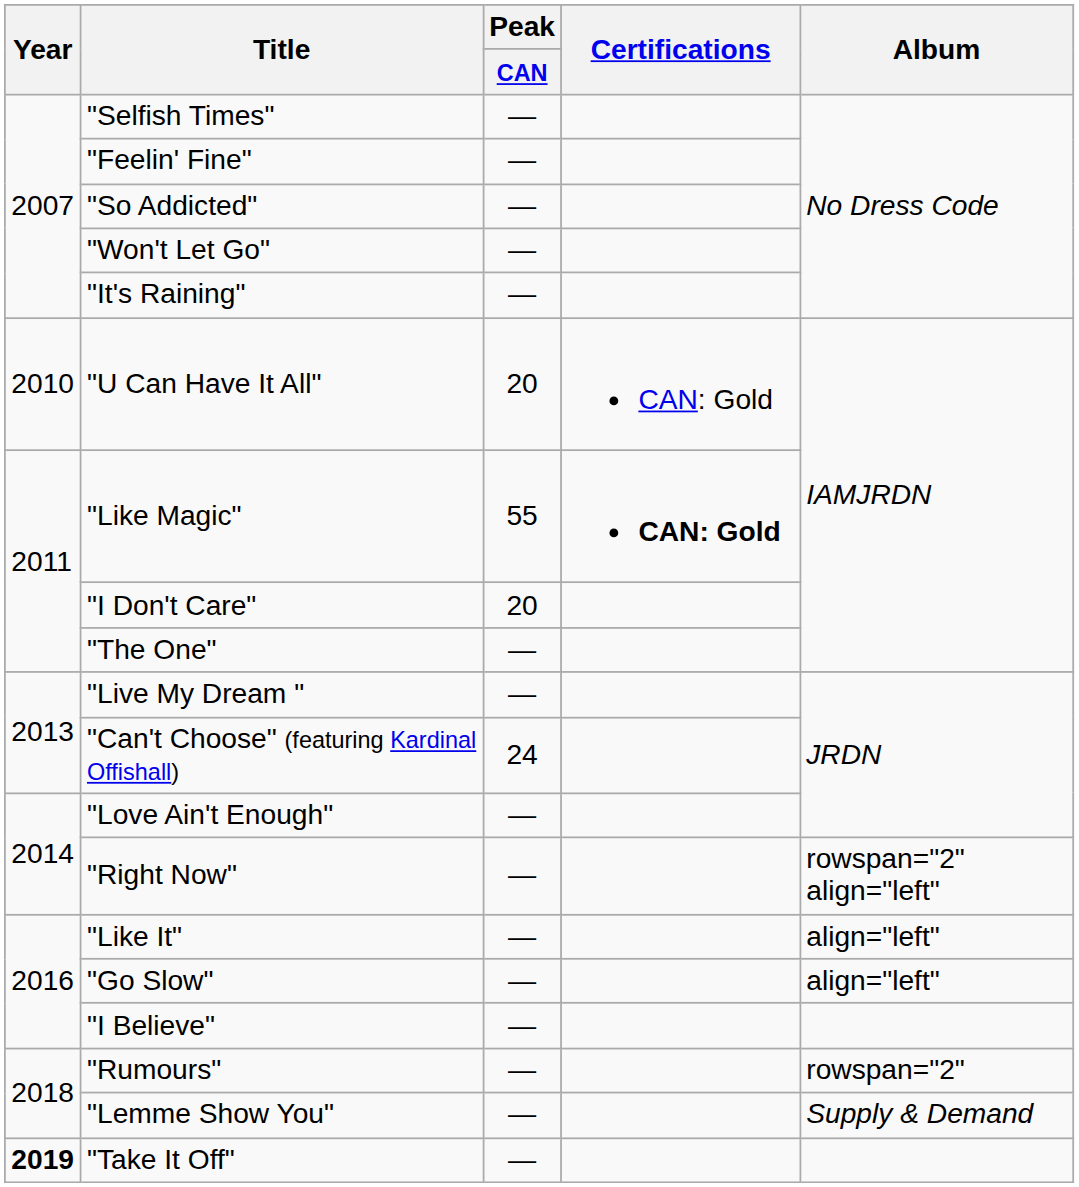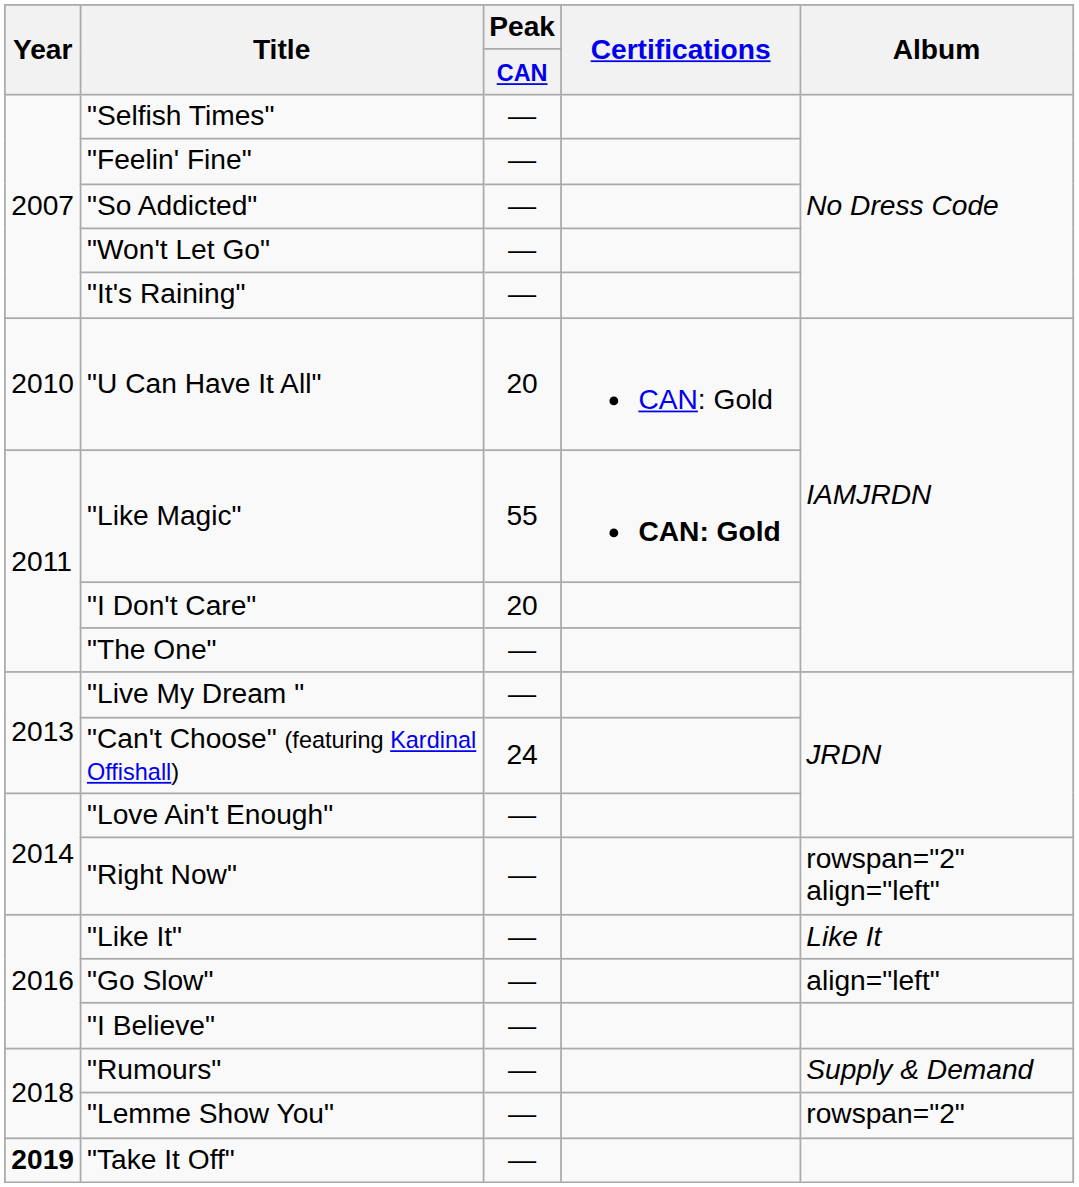 <table class="wikitable">
 <tr>
 <th rowspan="2">Year</th>
 <th rowspan="2">Title</th>
 <th>Peak</th>
 <th scope="col" rowspan="2" style="width:8em;"><a href='#'>Certifications</a></th>
 <th rowspan="2">Album</th>
 </tr>
 <tr>
 <th style="width:30px;"><small><a href='#'>CAN</a></small></th>
 </tr>
 <tr>
 <td rowspan="5">2007</td>
 <td>"Selfish Times"</td>
 <td align="center">—</td>
 <td></td>
 <td align="left" rowspan="5"><em>No Dress Code</em></td>
 </tr>
 <tr>
 <td>"Feelin' Fine"</td>
 <td align="center">—</td>
 <td></td>
 </tr>
 <tr>
 <td>"So Addicted"</td>
 <td align="center">—</td>
 <td></td>
 </tr>
 <tr>
 <td>"Won't Let Go"</td>
 <td align="center">—</td>
 <td></td>
 </tr>
 <tr>
 <td>"It's Raining"</td>
 <td align="center">—</td>
 <td></td>
 </tr>
 <tr>
 <td rowspan="1">2010</td>
 <td>"U Can Have It All"</td>
 <td align="center">20</td>
 <td><br><ul><li><a href='#'>CAN</a>: Gold</li></ul></td>
 <td align="left" rowspan="4"><em>IAMJRDN</em></td>
 </tr>
 <tr>
 <td rowspan="3">2011</td>
 <td>"Like Magic"</td>
 <td align="center">55</td>
 <td><strong><br><ul><li>CAN: Gold</li></ul></strong></td>
 </tr>
 <tr>
 <td>"I Don't Care"</td>
 <td align="center">20</td>
 <td></td>
 </tr>
 <tr>
 <td>"The One"</td>
 <td align="center">—</td>
 <td></td>
 </tr>
 <tr>
 <td rowspan="2">2013</td>
 <td>"Live My Dream "</td>
 <td align="center">—</td>
 <td></td>
 <td align="left" rowspan="3"><em>JRDN</em></td>
 </tr>
 <tr>
 <td>"Can't Choose" <small>(featuring <a href='#'>Kardinal Offishall</a>)</small></td>
 <td align="center">24</td>
 <td></td>
 </tr>
 <tr>
 <td rowspan="2">2014</td>
 <td>"Love Ain't Enough"</td>
 <td align="center">—</td>
 <td></td>
 </tr>
 <tr>
 <td>"Right Now"</td>
 <td align="center">—</td>
 <td></td>
 <td>rowspan="2" align="left" </td>
 </tr>
 <tr>
 <td rowspan="3">2016</td>
 <td>"Like It" </td>
 <td align="center">—</td>
 <td></td>
-<td>align="left" </td>
+<td align="left"><em>Like It</em></td>
 </tr>
 <tr>
 <td>"Go Slow" </td>
 <td align="center">—</td>
 <td></td>
 <td>align="left" </td>
 </tr>
 <tr>
 <td>"I Believe" </td>
 <td align="center">—</td>
 <td></td>
 </tr>
 <tr>
 <td rowspan="2">2018</td>
 <td>"Rumours"</td>
 <td align="center">—</td>
 <td></td>
-<td>rowspan="2" </td>
+<td align="left"><em>Supply & Demand</em></td>
 </tr>
 <tr>
 <td>"Lemme Show You"</td>
 <td align="center">—</td>
 <td></td>
-<td align="left"><em>Supply & Demand</em></td>
+<td>rowspan="2" </td>
 </tr>
 <tr>
 <td><strong>2019</strong></td>
 <td>"Take It Off"</td>
 <td align="center">—</td>
 <td></td>
 </tr>
 </table>
